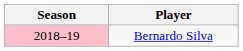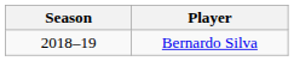 <table class="wikitable">
 <tr>
 <th style="width:120px;">Season</th>
 <th style="width:150px;">Player</th>
 </tr>
 <tr>
-<td style="background: pink; text-align:center;">2018–19</td>
+<td style="text-align:center;">2018–19</td>
 <td style="text-align:center;"> <a href='#'>Bernardo Silva</a></td>
 </tr>
 </table>
